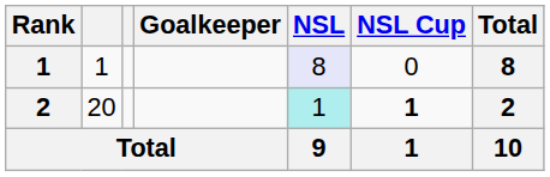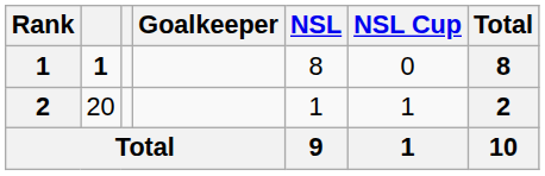 <table class="wikitable sortable" style="text-align:center">
 <tr>
 <th>Rank</th>
 <th></th>
 <th></th>
 <th>Goalkeeper</th>
 <th><a href='#'>NSL</a></th>
 <th><a href='#'>NSL Cup</a></th>
 <th>Total</th>
 </tr>
 <tr>
 <th>1</th>
-<td>1</td>
+<td><strong>1</strong></td>
 <td></td>
 <td align="left"></td>
-<td style="background: lavender;">8</td>
+<td>8</td>
 <td>0</td>
 <th>8</th>
 </tr>
 <tr>
 <th>2</th>
 <td>20</td>
 <td></td>
 <td align="left"></td>
-<td style="background: paleturquoise;">1</td>
-<td><strong>1</strong></td>
+<td>1</td>
+<td>1</td>
 <th>2</th>
 </tr>
 <tr>
 <th colspan="4">Total</th>
 <th>9</th>
 <th>1</th>
 <th>10</th>
 </tr>
 </table>
